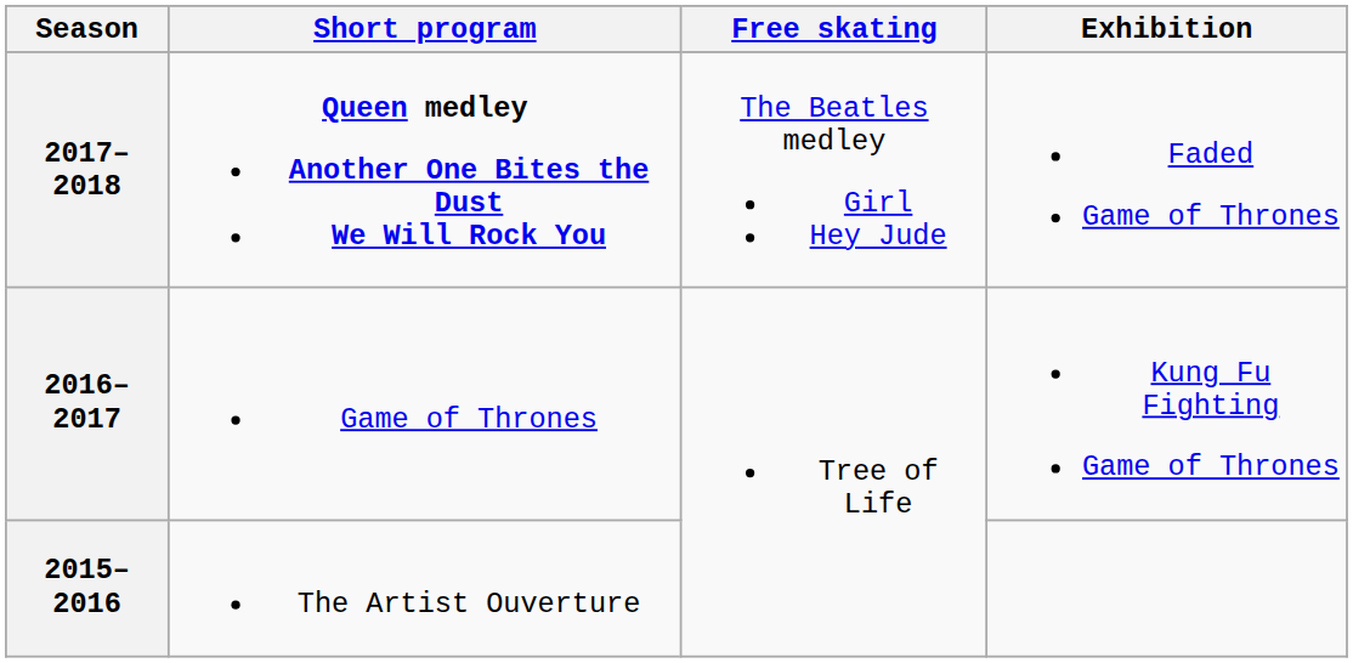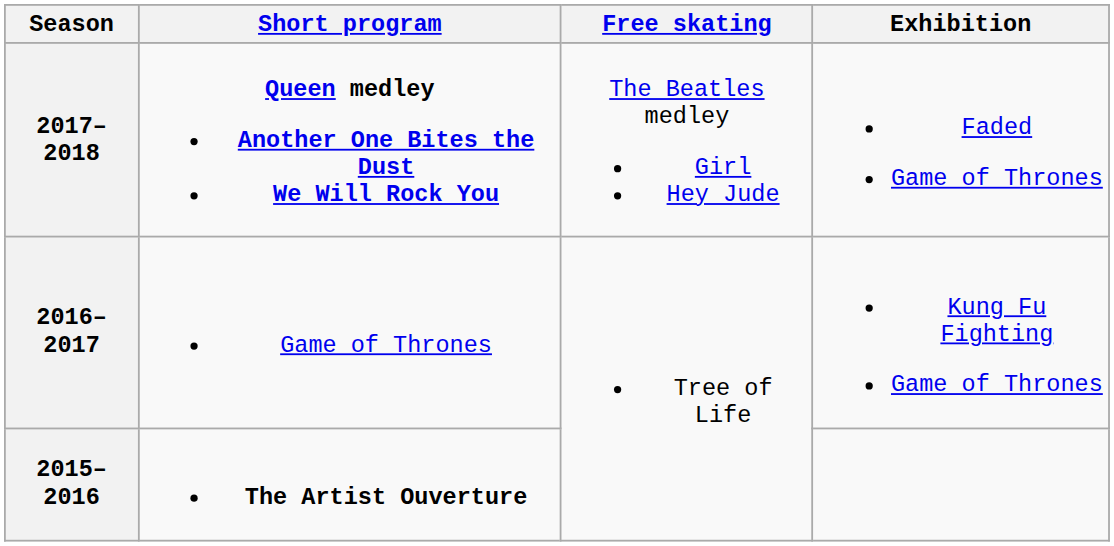 <table class=wikitable style=text-align:center>
 <tr>
 <th>Season</th>
 <th><a href='#'>Short program</a></th>
 <th><a href='#'>Free skating</a></th>
 <th>Exhibition</th>
 </tr>
 <tr>
 <th>2017–2018 <br></th>
 <td><strong><br><a href='#'>Queen</a> medley<ul><li><a href='#'>Another One Bites the Dust</a></li><li><a href='#'>We Will Rock You</a></li></ul></strong></td>
 <td><br><a href='#'>The Beatles</a> medley<ul><li><a href='#'>Girl</a></li><li><a href='#'>Hey Jude</a></li></ul></td>
 <td><br><ul><li><a href='#'>Faded</a> <br></li></ul><ul><li><a href='#'>Game of Thrones</a> <br></li></ul></td>
 </tr>
 <tr>
 <th>2016–2017 <br> </th>
 <td><br><ul><li><a href='#'>Game of Thrones</a> <br></li></ul></td>
 <td rowspan=2><br><ul><li>Tree of Life <br></li></ul></td>
 <td><br><ul><li><a href='#'>Kung Fu Fighting</a> <br></li></ul><ul><li><a href='#'>Game of Thrones</a> <br></li></ul></td>
 </tr>
 <tr>
 <th>2015–2016 <br> </th>
-<td><br><ul><li>The Artist Ouverture <br></li></ul></td>
+<td><strong><br><ul><li>The Artist Ouverture <br></li></ul></strong></td>
 <td></td>
 </tr>
 </table>
